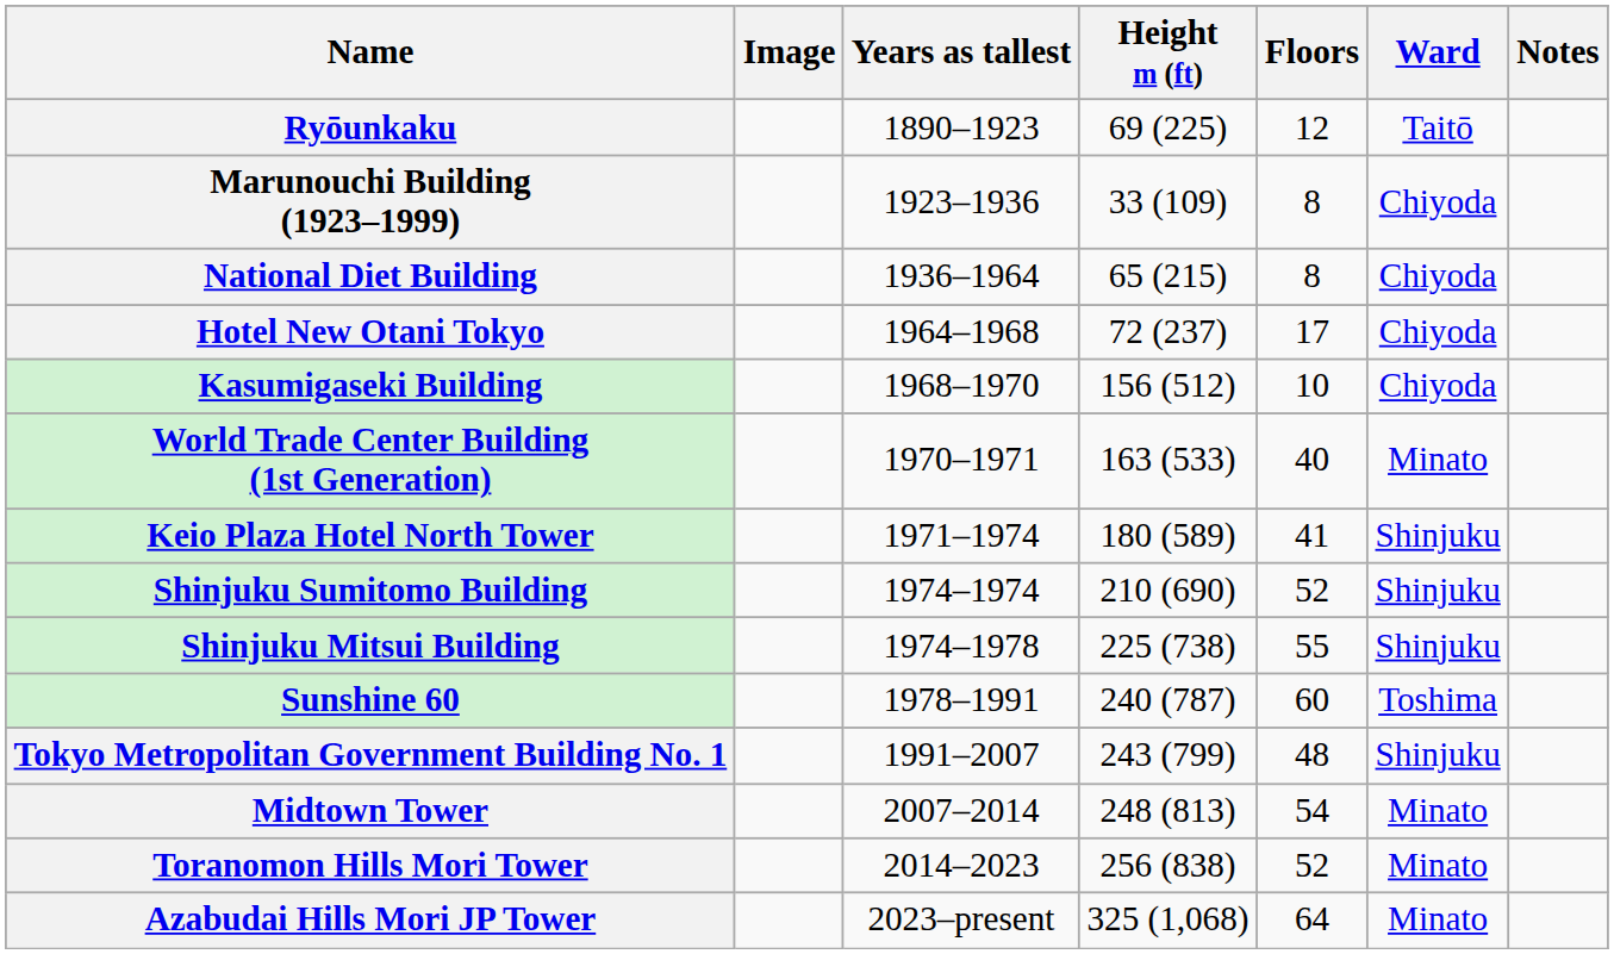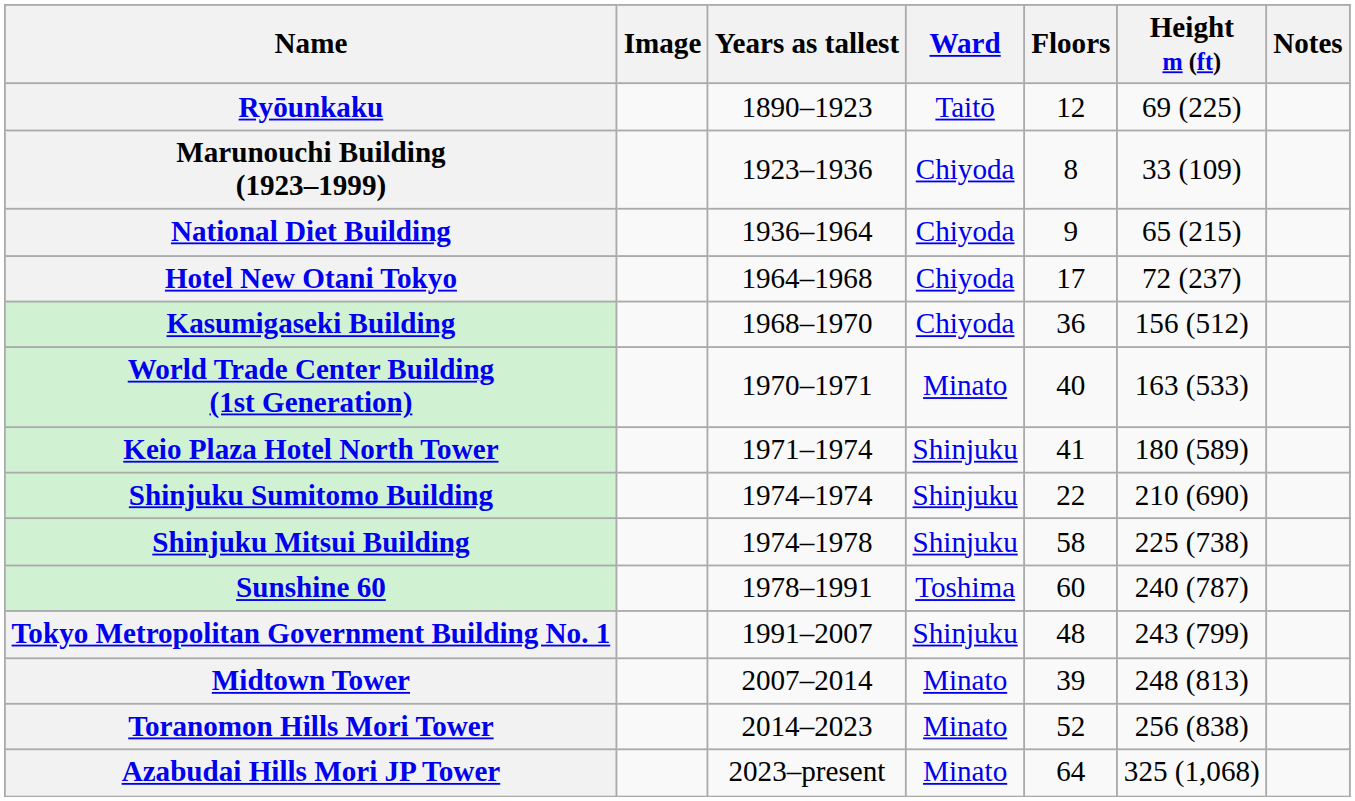 <table class="wikitable sortable plainrowheaders">
 <tr>
 <th scope="col">Name</th>
 <th scope="col" class="unsortable">Image</th>
 <th scope="col">Years as tallest</th>
+<th scope="col"><a href='#'>Ward</a></th>
+<th scope="col">Floors</th>
 <th scope="col">Height<br><small><a href='#'>m</a> (<a href='#'>ft</a>)</small></th>
-<th scope="col">Floors</th>
-<th scope="col"><a href='#'>Ward</a></th>
 <th scope="col" class="unsortable">Notes</th>
 </tr>
 <tr>
 <th scope="row" style="text-align:center"><a href='#'>Ryōunkaku</a></th>
 <td></td>
 <td align="center">1890–1923</td>
+<td align="center"><a href='#'>Taitō</a></td>
+<td align="center">12</td>
 <td align="center">69 (225)</td>
-<td align="center">12</td>
-<td align="center"><a href='#'>Taitō</a></td>
 <td align="center"></td>
 </tr>
 <tr>
 <th scope="row" style="text-align:center">Marunouchi Building<br> (1923–1999)</th>
 <td></td>
 <td align="center">1923–1936</td>
+<td align="center"><a href='#'>Chiyoda</a></td>
+<td align="center">8</td>
 <td align="center">33 (109)</td>
-<td align="center">8</td>
-<td align="center"><a href='#'>Chiyoda</a></td>
 <td align="center"></td>
 </tr>
 <tr>
 <th scope="row" style="text-align:center"><a href='#'>National Diet Building</a></th>
 <td></td>
 <td align="center">1936–1964</td>
+<td align="center"><a href='#'>Chiyoda</a></td>
+<td align="center">9</td>
 <td align="center">65 (215)</td>
-<td align="center">8</td>
-<td align="center"><a href='#'>Chiyoda</a></td>
 <td align="center"></td>
 </tr>
 <tr>
 <th scope="row" style="text-align:center"><a href='#'>Hotel New Otani Tokyo</a></th>
 <td></td>
 <td align="center">1964–1968</td>
+<td align="center"><a href='#'>Chiyoda</a></td>
+<td align="center">17</td>
 <td align="center">72 (237)</td>
-<td align="center">17</td>
-<td align="center"><a href='#'>Chiyoda</a></td>
 <td align="center"></td>
 </tr>
 <tr style>
 <th scope="row" style="text-align:center; background-color:#d0f2d2;"><a href='#'>Kasumigaseki Building</a></th>
 <td></td>
 <td align="center">1968–1970</td>
+<td align="center"><a href='#'>Chiyoda</a></td>
+<td align="center">36</td>
 <td align="center">156 (512)</td>
-<td align="center">10</td>
-<td align="center"><a href='#'>Chiyoda</a></td>
 <td align="center"></td>
 </tr>
 <tr style>
 <th scope="row" style="text-align:center; background-color:#d0f2d2;"><a href='#'>World Trade Center Building<br> (1st Generation)</a></th>
 <td></td>
 <td align="center">1970–1971</td>
+<td align="center"><a href='#'>Minato</a></td>
+<td align="center">40</td>
 <td align="center">163 (533)</td>
-<td align="center">40</td>
-<td align="center"><a href='#'>Minato</a></td>
 <td align="center"></td>
 </tr>
 <tr style>
 <th scope="row" style="text-align:center; background-color:#d0f2d2;"><a href='#'>Keio Plaza Hotel North Tower</a></th>
 <td></td>
 <td align="center">1971–1974</td>
+<td align="center"><a href='#'>Shinjuku</a></td>
+<td align="center">41</td>
 <td align="center">180 (589)</td>
-<td align="center">41</td>
-<td align="center"><a href='#'>Shinjuku</a></td>
 <td align="center"></td>
 </tr>
 <tr style>
 <th scope="row" style="text-align:center; background-color:#d0f2d2;"><a href='#'>Shinjuku Sumitomo Building</a></th>
 <td></td>
 <td align="center">1974–1974</td>
+<td align="center"><a href='#'>Shinjuku</a></td>
+<td align="center">22</td>
 <td align="center">210 (690)</td>
-<td align="center">52</td>
-<td align="center"><a href='#'>Shinjuku</a></td>
 <td align="center"></td>
 </tr>
 <tr style>
 <th scope="row" style="text-align:center; background-color:#d0f2d2;"><a href='#'>Shinjuku Mitsui Building</a></th>
 <td></td>
 <td align="center">1974–1978</td>
+<td align="center"><a href='#'>Shinjuku</a></td>
+<td align="center">58</td>
 <td align="center">225 (738)</td>
-<td align="center">55</td>
-<td align="center"><a href='#'>Shinjuku</a></td>
 <td align="center"></td>
 </tr>
 <tr style>
 <th scope="row" style="text-align:center; background-color:#d0f2d2;"><a href='#'>Sunshine 60</a></th>
 <td></td>
 <td align="center">1978–1991</td>
+<td align="center"><a href='#'>Toshima</a></td>
+<td align="center">60</td>
 <td align="center">240 (787)</td>
-<td align="center">60</td>
-<td align="center"><a href='#'>Toshima</a></td>
 <td align="center"></td>
 </tr>
 <tr>
 <th scope="row" style="text-align:center"><a href='#'>Tokyo Metropolitan Government Building No. 1</a></th>
 <td></td>
 <td align="center">1991–2007</td>
+<td align="center"><a href='#'>Shinjuku</a></td>
+<td align="center">48</td>
 <td align="center">243 (799)</td>
-<td align="center">48</td>
-<td align="center"><a href='#'>Shinjuku</a></td>
 <td align="center"></td>
 </tr>
 <tr>
 <th scope="row" style="text-align:center"><a href='#'>Midtown Tower</a></th>
 <td></td>
 <td align="center">2007–2014</td>
+<td align="center"><a href='#'>Minato</a></td>
+<td align="center">39</td>
 <td align="center">248 (813)</td>
-<td align="center">54</td>
-<td align="center"><a href='#'>Minato</a></td>
 <td align="center"></td>
 </tr>
 <tr>
 <th scope="row" style="text-align:center"><a href='#'>Toranomon Hills Mori Tower</a></th>
 <td></td>
 <td align="center">2014–2023</td>
+<td align="center"><a href='#'>Minato</a></td>
+<td align="center">52</td>
 <td align="center">256 (838)</td>
-<td align="center">52</td>
-<td align="center"><a href='#'>Minato</a></td>
 <td align="center"></td>
 </tr>
 <tr>
 <th scope="row" style="text-align:center"><a href='#'>Azabudai Hills Mori JP Tower</a></th>
 <td></td>
 <td align="center">2023–present</td>
+<td align="center"><a href='#'>Minato</a></td>
+<td align="center">64</td>
 <td align="center">325 (1,068)</td>
-<td align="center">64</td>
-<td align="center"><a href='#'>Minato</a></td>
 <td align="center"></td>
 </tr>
 </table>
